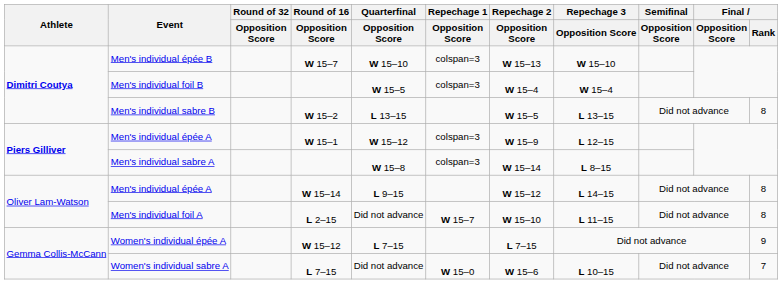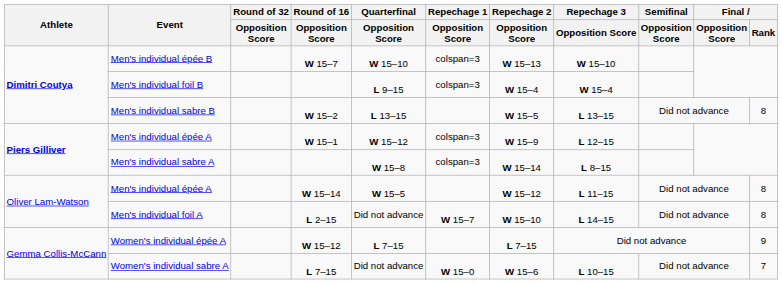 <table class=wikitable style="font-size:90%">
 <tr>
 <th rowspan="2">Athlete</th>
 <th rowspan="2">Event</th>
 <th>Round of 32</th>
 <th>Round of 16</th>
 <th>Quarterfinal</th>
 <th>Repechage 1</th>
 <th>Repechage 2</th>
 <th>Repechage 3</th>
 <th>Semifinal</th>
 <th colspan="2">Final / </th>
 </tr>
 <tr>
 <th>Opposition<br>Score</th>
 <th>Opposition<br>Score</th>
 <th>Opposition<br>Score</th>
 <th>Opposition<br>Score</th>
 <th>Opposition<br>Score</th>
 <th>Opposition Score</th>
 <th>Opposition<br>Score</th>
 <th>Opposition<br>Score</th>
 <th>Rank</th>
 </tr>
 <tr style="text-align:center">
 <td style="text-align:left" rowspan=3><strong><a href='#'>Dimitri Coutya</a></strong></td>
 <td style="text-align:left"><a href='#'>Men's individual épée B</a></td>
 <td></td>
 <td><br><strong>W</strong> 15–7</td>
 <td><br><strong>W</strong> 15–10</td>
 <td>colspan=3 </td>
 <td><br><strong>W</strong> 15–13</td>
 <td><br><strong>W</strong> 15–10</td>
 <td></td>
 </tr>
 <tr style="text-align:center">
 <td style="text-align:left"><a href='#'>Men's individual foil B</a></td>
 <td></td>
 <td></td>
-<td><br><strong>W</strong> 15–5</td>
+<td><br><strong>L</strong> 9–15</td>
 <td>colspan=3 </td>
 <td><br><strong>W</strong> 15–4</td>
 <td><br><strong>W</strong> 15–4</td>
 <td></td>
 </tr>
 <tr style="text-align:center">
 <td style="text-align:left"><a href='#'>Men's individual sabre B</a></td>
 <td></td>
 <td><br><strong>W</strong> 15–2</td>
 <td><br><strong>L</strong> 13–15</td>
 <td></td>
 <td><br><strong>W</strong> 15–5</td>
 <td><br><strong>L</strong> 13–15</td>
 <td colspan="2">Did not advance</td>
 <td>8</td>
 </tr>
 <tr style="text-align:center">
 <td style="text-align:left" rowspan=2><strong><a href='#'>Piers Gilliver</a></strong></td>
 <td style="text-align:left"><a href='#'>Men's individual épée A</a></td>
 <td></td>
 <td><br><strong>W</strong> 15–1</td>
 <td><br><strong>W</strong> 15–12</td>
 <td>colspan=3 </td>
 <td><br><strong>W</strong> 15–9</td>
 <td><br><strong>L</strong> 12–15</td>
 <td></td>
 </tr>
 <tr style="text-align:center">
 <td style="text-align:left"><a href='#'>Men's individual sabre A</a></td>
 <td></td>
 <td></td>
 <td><br><strong>W</strong> 15–8</td>
 <td>colspan=3 </td>
 <td><br><strong>W</strong> 15–14</td>
 <td><br><strong>L</strong> 8–15</td>
 <td></td>
 </tr>
 <tr style="text-align:center">
 <td style="text-align:left" rowspan=2><a href='#'>Oliver Lam-Watson</a></td>
 <td style="text-align:left"><a href='#'>Men's individual épée A</a></td>
 <td></td>
 <td><br><strong>W</strong> 15–14</td>
-<td><br><strong>L</strong> 9–15</td>
+<td><br><strong>W</strong> 15–5</td>
 <td></td>
 <td><br><strong>W</strong> 15–12</td>
-<td><br><strong>L</strong> 14–15</td>
+<td><br><strong>L</strong> 11–15</td>
 <td colspan=2>Did not advance</td>
 <td>8</td>
 </tr>
 <tr style="text-align:center">
 <td style="text-align:left"><a href='#'>Men's individual foil A</a></td>
 <td></td>
 <td><br><strong>L</strong> 2–15</td>
 <td>Did not advance</td>
 <td><br><strong>W</strong> 15–7</td>
 <td><br><strong>W</strong> 15–10</td>
-<td><br><strong>L</strong> 11–15</td>
+<td><br><strong>L</strong> 14–15</td>
 <td colspan="2">Did not advance</td>
 <td>8</td>
 </tr>
 <tr style="text-align:center">
 <td style="text-align:left" rowspan=2><a href='#'>Gemma Collis-McCann</a></td>
 <td style="text-align:left"><a href='#'>Women's individual épée A</a></td>
 <td></td>
 <td><br><strong>W</strong> 15–12</td>
 <td><br><strong>L</strong> 7–15</td>
 <td></td>
 <td><br><strong>L</strong> 7–15</td>
 <td colspan=3>Did not advance</td>
 <td>9</td>
 </tr>
 <tr style="text-align:center">
 <td style="text-align:left"><a href='#'>Women's individual sabre A</a></td>
 <td></td>
 <td><br><strong>L</strong> 7–15</td>
 <td>Did not  advance</td>
 <td><br><strong>W</strong> 15–0</td>
 <td><br><strong>W</strong> 15–6</td>
 <td><br><strong>L</strong> 10–15</td>
 <td colspan="2">Did not advance</td>
 <td>7</td>
 </tr>
 </table>
